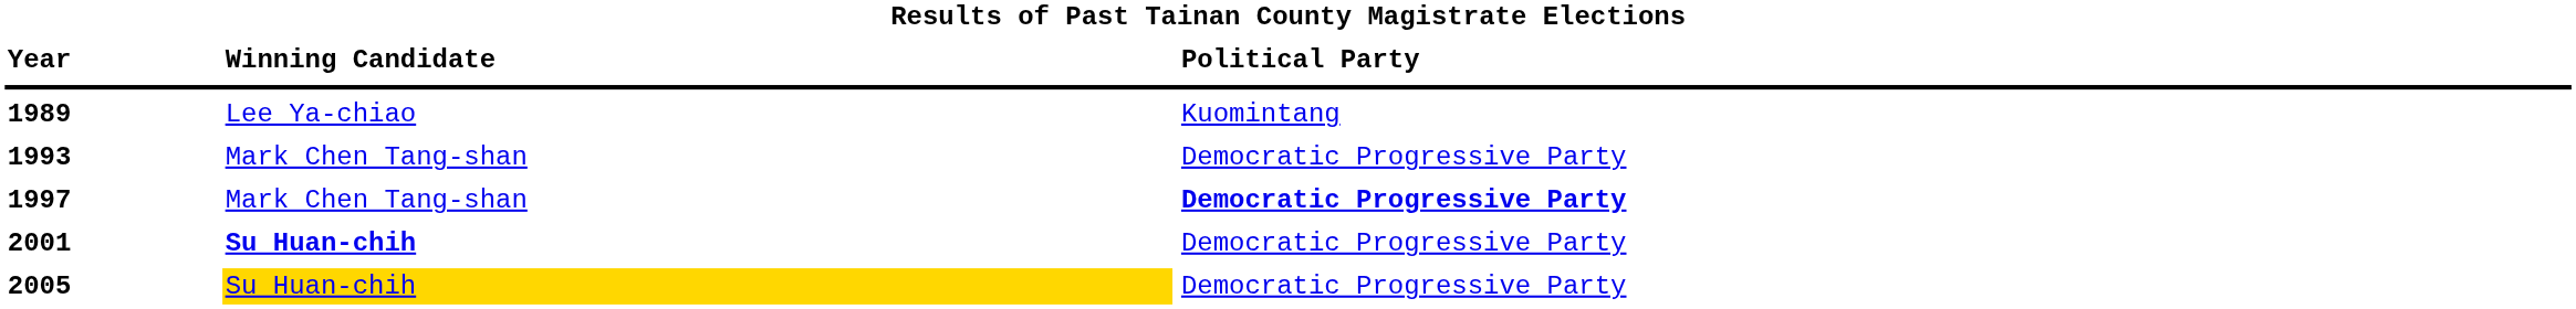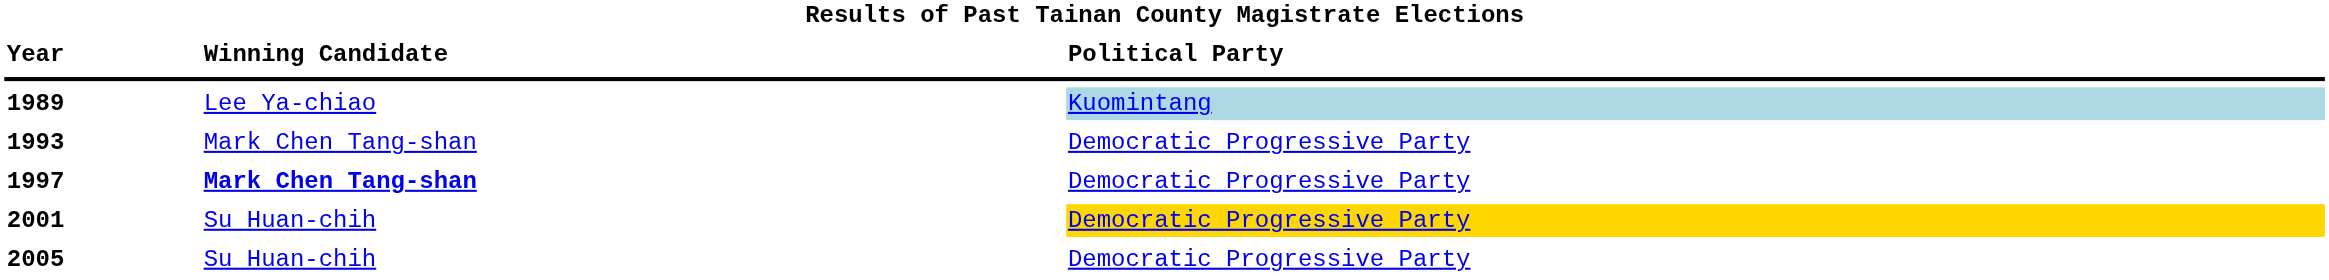 <table id="toc" style="margin:1em auto; width: 90%; font-size: 90%;" cellspacing="3">
 <tr>
 <td colspan="3" align="center"><strong>Results of Past Tainan County Magistrate Elections</strong></td>
 </tr>
 <tr>
 <td><strong>Year</strong></td>
 <td><strong> Winning Candidate</strong></td>
 <td><strong>Political Party</strong></td>
 </tr>
 <tr>
 <th bgcolor="#000000" colspan="6"></th>
 </tr>
 <tr>
 <td><strong>1989</strong></td>
 <td><a href='#'>Lee Ya-chiao</a></td>
-<td> <a href='#'>Kuomintang</a></td>
+<td style="background: lightblue;"> <a href='#'>Kuomintang</a></td>
 </tr>
 <tr>
 <td><strong>1993</strong></td>
 <td><a href='#'>Mark Chen Tang-shan</a></td>
 <td> <a href='#'>Democratic Progressive Party</a></td>
 </tr>
 <tr>
 <td><strong>1997</strong></td>
-<td><a href='#'>Mark Chen Tang-shan</a></td>
-<td><strong> <a href='#'>Democratic Progressive Party</a></strong></td>
+<td><strong><a href='#'>Mark Chen Tang-shan</a></strong></td>
+<td> <a href='#'>Democratic Progressive Party</a></td>
 </tr>
 <tr>
 <td><strong>2001</strong></td>
-<td><strong><a href='#'>Su Huan-chih</a></strong></td>
-<td> <a href='#'>Democratic Progressive Party</a></td>
+<td><a href='#'>Su Huan-chih</a></td>
+<td style="background: gold;"> <a href='#'>Democratic Progressive Party</a></td>
 </tr>
 <tr>
 <td><strong>2005</strong></td>
-<td style="background: gold;"><a href='#'>Su Huan-chih</a></td>
+<td><a href='#'>Su Huan-chih</a></td>
 <td> <a href='#'>Democratic Progressive Party</a></td>
 </tr>
 </table>
